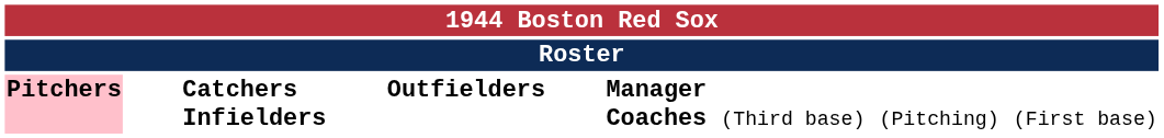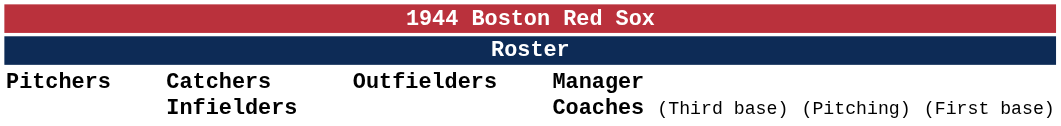 <table class="toccolours" style="text-align: left;">
 <tr>
 <th colspan="10" style="background-color: #ba313c; color: white; text-align: center;">1944 Boston Red Sox</th>
 </tr>
 <tr>
 <td colspan="10" style="background-color: #0d2b56; color: white; text-align: center;"><strong>Roster</strong></td>
 </tr>
 <tr>
-<td valign="top" style="background: pink;"><strong>Pitchers</strong><br>                </td>
+<td valign="top"><strong>Pitchers</strong><br>                </td>
 <td width="25px"></td>
 <td valign="top"><strong>Catchers</strong><br>    <strong>Infielders</strong>       </td>
 <td width="25px"></td>
 <td valign="top"><strong>Outfielders</strong><br>      </td>
 <td width="25px"></td>
 <td valign="top"><strong>Manager</strong><br> <strong>Coaches</strong>  <small>(Third base)</small>   <small>(Pitching)</small>  <small>(First base)</small></td>
 </tr>
 <tr>
 </tr>
 </table>
